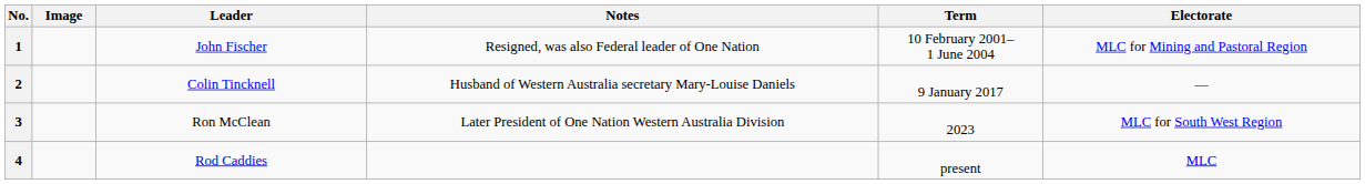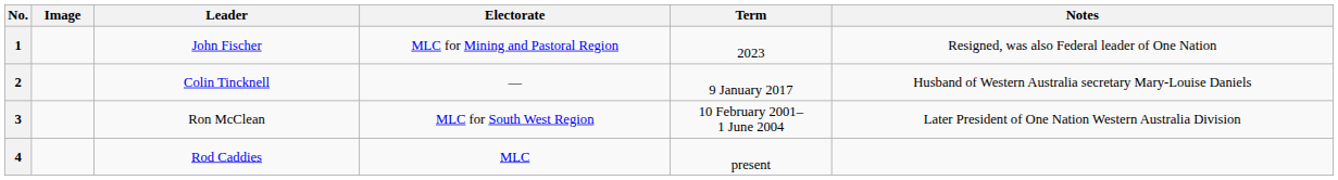 <table class="wikitable" style="text-align:center">
 <tr>
 <th width=2%>No.</th>
 <th>Image</th>
 <th style="width:20%;">Leader</th>
+<th>Electorate</th>
+<th>Term</th>
 <th>Notes</th>
-<th>Term</th>
-<th>Electorate</th>
 </tr>
 <tr>
 <th style="background:">1</th>
 <td></td>
 <td><a href='#'>John Fischer</a></td>
+<td><a href='#'>MLC</a> for <a href='#'>Mining and Pastoral Region</a><br> </td>
+<td><br>2023</td>
 <td>Resigned, was also Federal leader of One Nation</td>
-<td>10 February 2001–<br>1 June 2004</td>
-<td><a href='#'>MLC</a> for <a href='#'>Mining and Pastoral Region</a><br> </td>
 </tr>
 <tr>
 <th style="background:">2</th>
 <td></td>
 <td><a href='#'>Colin Tincknell</a></td>
+<td>—</td>
+<td><br>9 January 2017</td>
 <td>Husband of Western Australia secretary Mary-Louise Daniels</td>
-<td><br>9 January 2017</td>
-<td>—</td>
 </tr>
 <tr>
 <th style="background:">3</th>
 <td></td>
 <td>Ron McClean</td>
+<td><a href='#'>MLC</a> for <a href='#'>South West Region</a><br> </td>
+<td>10 February 2001–<br>1 June 2004</td>
 <td>Later President of One Nation Western Australia Division</td>
-<td><br>2023</td>
-<td><a href='#'>MLC</a> for <a href='#'>South West Region</a><br> </td>
 </tr>
 <tr>
 <th style="background:">4</th>
 <td></td>
 <td><a href='#'>Rod Caddies</a></td>
+<td><a href='#'>MLC</a> <br> </td>
+<td><br>present</td>
 <td></td>
-<td><br>present</td>
-<td><a href='#'>MLC</a> <br> </td>
 </tr>
 </table>
